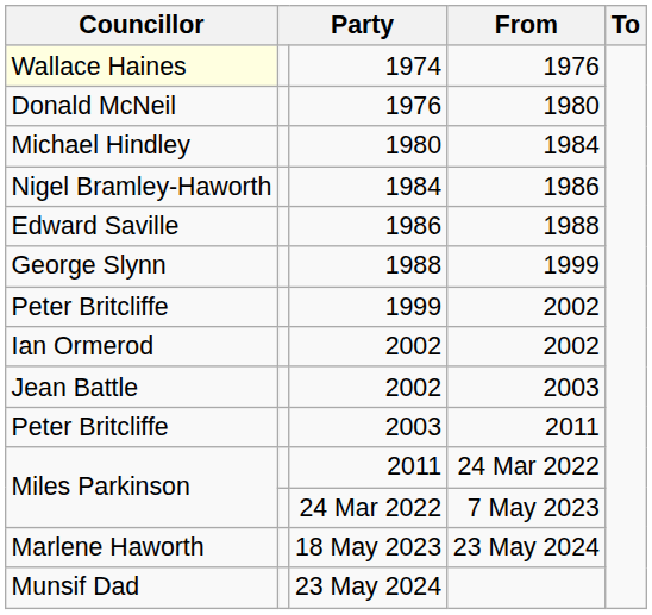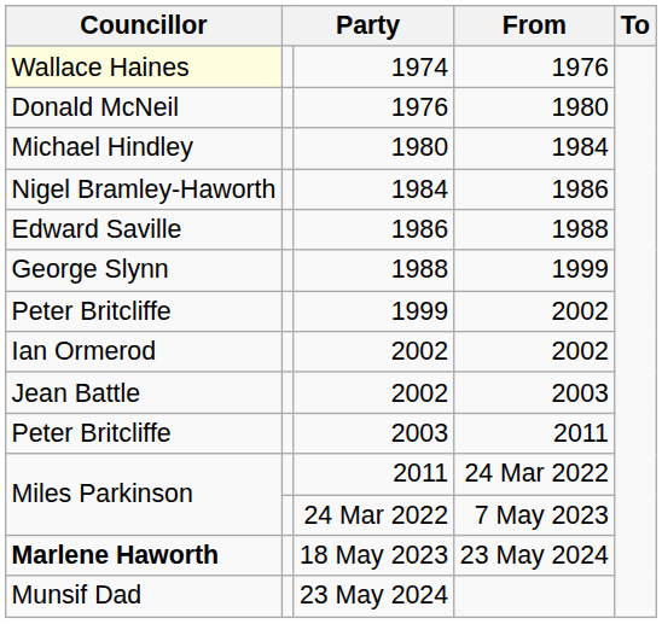 <table class=wikitable>
 <tr>
 <th>Councillor</th>
 <th colspan=2>Party</th>
 <th>From</th>
 <th>To</th>
 </tr>
 <tr>
 <td style="background: lightyellow;">Wallace Haines</td>
 <td></td>
 <td align=right>1974</td>
 <td align=right>1976</td>
 </tr>
 <tr>
 <td>Donald McNeil</td>
 <td></td>
 <td align=right>1976</td>
 <td align=right>1980</td>
 </tr>
 <tr>
 <td>Michael Hindley</td>
 <td></td>
 <td align=right>1980</td>
 <td align=right>1984</td>
 </tr>
 <tr>
 <td>Nigel Bramley-Haworth</td>
 <td></td>
 <td align=right>1984</td>
 <td align=right>1986</td>
 </tr>
 <tr>
 <td>Edward Saville</td>
 <td></td>
 <td align=right>1986</td>
 <td align=right>1988</td>
 </tr>
 <tr>
 <td>George Slynn</td>
 <td></td>
 <td align=right>1988</td>
 <td align=right>1999</td>
 </tr>
 <tr>
 <td>Peter Britcliffe</td>
 <td></td>
 <td align=right>1999</td>
 <td align=right>2002</td>
 </tr>
 <tr>
 <td>Ian Ormerod</td>
 <td></td>
 <td align=right>2002</td>
 <td align=right>2002</td>
 </tr>
 <tr>
 <td>Jean Battle</td>
 <td></td>
 <td align=right>2002</td>
 <td align=right>2003</td>
 </tr>
 <tr>
 <td>Peter Britcliffe</td>
 <td></td>
 <td align=right>2003</td>
 <td align=right>2011</td>
 </tr>
 <tr>
 <td rowspan=2>Miles Parkinson</td>
 <td></td>
 <td align=right>2011</td>
 <td align=right>24 Mar 2022</td>
 </tr>
 <tr>
 <td></td>
 <td align=right>24 Mar 2022</td>
 <td align=right>7 May 2023</td>
 </tr>
 <tr>
-<td>Marlene Haworth</td>
+<td><strong>Marlene Haworth</strong></td>
 <td></td>
 <td align=right>18 May 2023</td>
 <td align=right>23 May 2024</td>
 </tr>
 <tr>
 <td>Munsif Dad</td>
 <td></td>
 <td align=right>23 May 2024</td>
 <td></td>
 </tr>
 </table>
